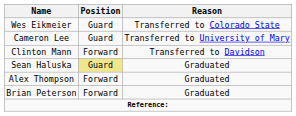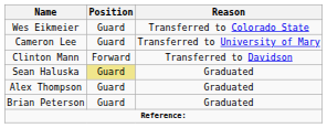 <table class="wikitable" style="text-align: center">
 <tr align=center>
 <th>Name</th>
 <th>Position</th>
 <th>Reason</th>
 </tr>
 <tr>
 <td>Wes Eikmeier</td>
 <td>Guard</td>
 <td>Transferred to <a href='#'>Colorado State</a></td>
 </tr>
 <tr>
 <td>Cameron Lee</td>
 <td>Guard</td>
 <td>Transferred to <a href='#'>University of Mary</a></td>
 </tr>
 <tr>
 <td>Clinton Mann</td>
 <td>Forward</td>
 <td>Transferred to <a href='#'>Davidson</a></td>
 </tr>
 <tr>
 <td>Sean Haluska</td>
 <td style="background: khaki;">Guard</td>
 <td>Graduated</td>
 </tr>
 <tr>
 <td>Alex Thompson</td>
-<td>Forward</td>
+<td>Guard</td>
 <td>Graduated</td>
 </tr>
 <tr>
 <td>Brian Peterson</td>
-<td>Forward</td>
+<td>Guard</td>
 <td>Graduated</td>
 </tr>
 <tr>
 <td colspan="6"  style="font-size:8pt; text-align:center;"><strong>Reference:</strong></td>
 </tr>
 </table>
